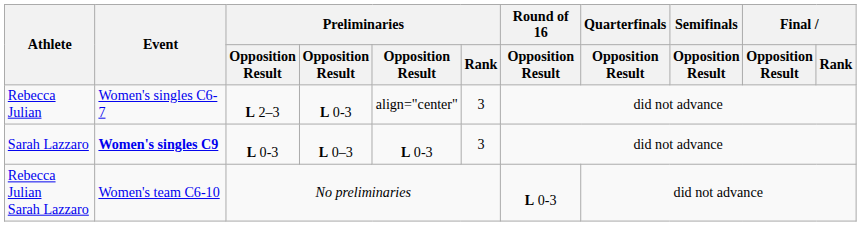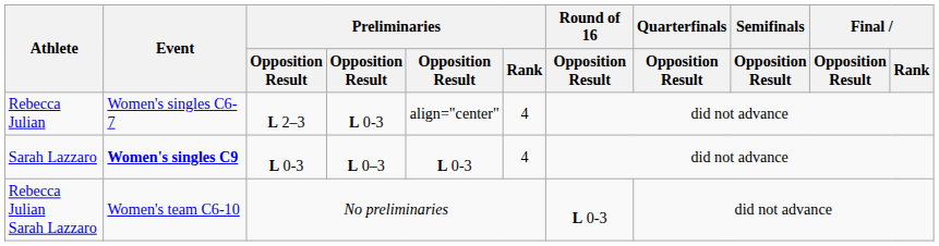 <table class=wikitable style="font-size:90%">
 <tr>
 <th rowspan="2">Athlete</th>
 <th rowspan="2">Event</th>
 <th colspan="4">Preliminaries</th>
 <th>Round of 16</th>
 <th>Quarterfinals</th>
 <th>Semifinals</th>
 <th colspan="2">Final / </th>
 </tr>
 <tr>
 <th>Opposition<br>Result</th>
 <th>Opposition<br>Result</th>
 <th>Opposition<br>Result</th>
 <th>Rank</th>
 <th>Opposition<br>Result</th>
 <th>Opposition<br>Result</th>
 <th>Opposition<br>Result</th>
 <th>Opposition<br>Result</th>
 <th>Rank</th>
 </tr>
 <tr>
 <td><a href='#'>Rebecca Julian</a></td>
 <td><a href='#'>Women's singles C6-7</a></td>
 <td align="center"><br><strong>L</strong> 2–3</td>
 <td align="center"><br><strong>L</strong> 0-3</td>
 <td>align="center" </td>
-<td align="center">3</td>
+<td align="center">4</td>
 <td align="center" colspan="5">did not advance</td>
 </tr>
 <tr>
 <td><a href='#'>Sarah Lazzaro</a></td>
 <td><strong><a href='#'>Women's singles C9</a></strong></td>
 <td align="center"><br><strong>L</strong> 0-3</td>
 <td align="center"><br><strong>L</strong> 0–3</td>
 <td align="center"><br><strong>L</strong> 0-3</td>
-<td align="center">3</td>
+<td align="center">4</td>
 <td align="center" colspan="5">did not advance</td>
 </tr>
 <tr>
 <td><a href='#'>Rebecca Julian</a><br> <a href='#'>Sarah Lazzaro</a></td>
 <td><a href='#'>Women's team C6-10</a></td>
 <td align="center" colspan="4"><em>No preliminaries</em></td>
 <td align="center"><br><strong>L</strong> 0-3</td>
 <td align="center" colspan="4">did not advance</td>
 </tr>
 </table>
